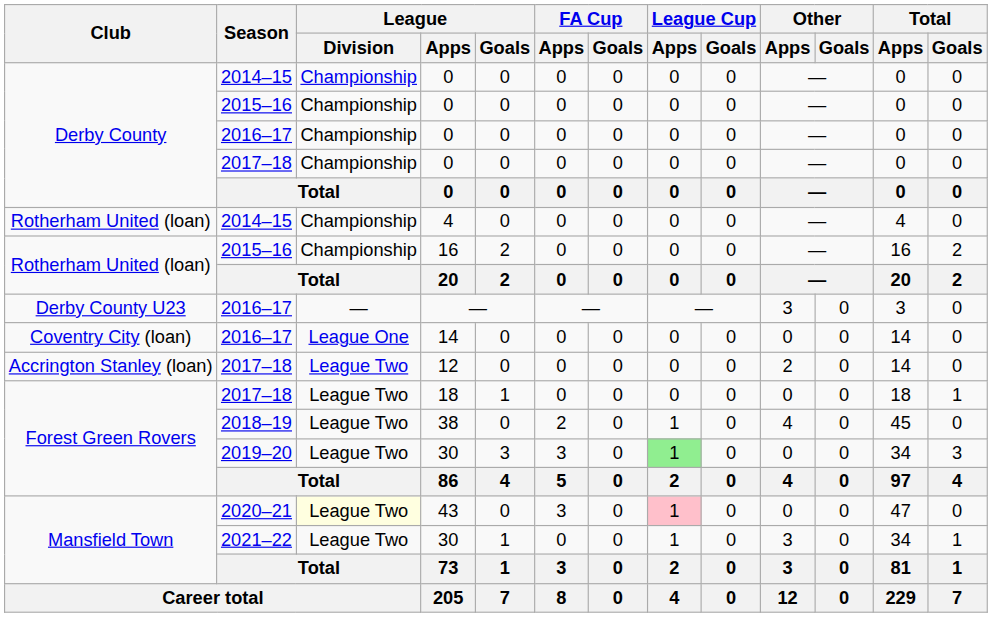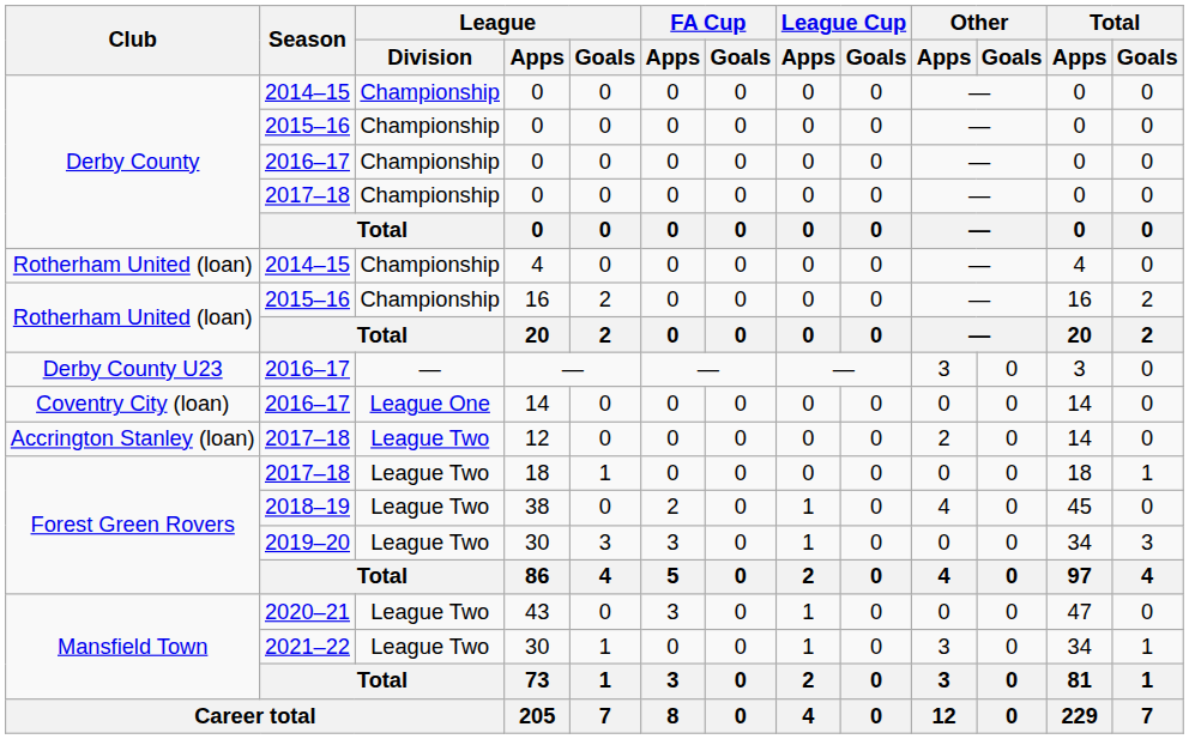 <table class="wikitable" style="text-align:center">
 <tr>
 <th rowspan="2">Club</th>
 <th rowspan="2">Season</th>
 <th colspan="3">League</th>
 <th colspan="2"><a href='#'>FA Cup</a></th>
 <th colspan="2"><a href='#'>League Cup</a></th>
 <th colspan="2">Other</th>
 <th colspan="2">Total</th>
 </tr>
 <tr>
 <th>Division</th>
 <th>Apps</th>
 <th>Goals</th>
 <th>Apps</th>
 <th>Goals</th>
 <th>Apps</th>
 <th>Goals</th>
 <th>Apps</th>
 <th>Goals</th>
 <th>Apps</th>
 <th>Goals</th>
 </tr>
 <tr>
 <td rowspan=5><a href='#'>Derby County</a></td>
 <td><a href='#'>2014–15</a></td>
 <td><a href='#'>Championship</a></td>
 <td>0</td>
 <td>0</td>
 <td>0</td>
 <td>0</td>
 <td>0</td>
 <td>0</td>
 <td colspan="2">—</td>
 <td>0</td>
 <td>0</td>
 </tr>
 <tr>
 <td><a href='#'>2015–16</a></td>
 <td>Championship</td>
 <td>0</td>
 <td>0</td>
 <td>0</td>
 <td>0</td>
 <td>0</td>
 <td>0</td>
 <td colspan="2">—</td>
 <td>0</td>
 <td>0</td>
 </tr>
 <tr>
 <td><a href='#'>2016–17</a></td>
 <td>Championship</td>
 <td>0</td>
 <td>0</td>
 <td>0</td>
 <td>0</td>
 <td>0</td>
 <td>0</td>
 <td colspan="2">—</td>
 <td>0</td>
 <td>0</td>
 </tr>
 <tr>
 <td><a href='#'>2017–18</a></td>
 <td>Championship</td>
 <td>0</td>
 <td>0</td>
 <td>0</td>
 <td>0</td>
 <td>0</td>
 <td>0</td>
 <td colspan="2">—</td>
 <td>0</td>
 <td>0</td>
 </tr>
 <tr>
 <th colspan=2>Total</th>
 <th>0</th>
 <th>0</th>
 <th>0</th>
 <th>0</th>
 <th>0</th>
 <th>0</th>
 <th colspan="2">—</th>
 <th>0</th>
 <th>0</th>
 </tr>
 <tr>
 <td><a href='#'>Rotherham United</a> (loan)</td>
 <td><a href='#'>2014–15</a></td>
 <td>Championship</td>
 <td>4</td>
 <td>0</td>
 <td>0</td>
 <td>0</td>
 <td>0</td>
 <td>0</td>
 <td colspan="2">—</td>
 <td>4</td>
 <td>0</td>
 </tr>
 <tr>
 <td rowspan=2><a href='#'>Rotherham United</a> (loan)</td>
 <td><a href='#'>2015–16</a></td>
 <td>Championship</td>
 <td>16</td>
 <td>2</td>
 <td>0</td>
 <td>0</td>
 <td>0</td>
 <td>0</td>
 <td colspan=2>—</td>
 <td>16</td>
 <td>2</td>
 </tr>
 <tr>
 <th colspan=2>Total</th>
 <th>20</th>
 <th>2</th>
 <th>0</th>
 <th>0</th>
 <th>0</th>
 <th>0</th>
 <th colspan="2">—</th>
 <th>20</th>
 <th>2</th>
 </tr>
 <tr>
 <td><a href='#'>Derby County U23</a></td>
 <td><a href='#'>2016–17</a></td>
 <td colspan=1>—</td>
 <td colspan=2>—</td>
 <td colspan=2>—</td>
 <td colspan=2>—</td>
 <td>3</td>
 <td>0</td>
 <td>3</td>
 <td>0</td>
 </tr>
 <tr>
 <td><a href='#'>Coventry City</a> (loan)</td>
 <td><a href='#'>2016–17</a></td>
 <td><a href='#'>League One</a></td>
 <td>14</td>
 <td>0</td>
 <td>0</td>
 <td>0</td>
 <td>0</td>
 <td>0</td>
 <td>0</td>
 <td>0</td>
 <td>14</td>
 <td>0</td>
 </tr>
 <tr>
 <td><a href='#'>Accrington Stanley</a> (loan)</td>
 <td><a href='#'>2017–18</a></td>
 <td><a href='#'>League Two</a></td>
 <td>12</td>
 <td>0</td>
 <td>0</td>
 <td>0</td>
 <td>0</td>
 <td>0</td>
 <td>2</td>
 <td>0</td>
 <td>14</td>
 <td>0</td>
 </tr>
 <tr>
 <td rowspan=4><a href='#'>Forest Green Rovers</a></td>
 <td><a href='#'>2017–18</a></td>
 <td>League Two</td>
 <td>18</td>
 <td>1</td>
 <td>0</td>
 <td>0</td>
 <td>0</td>
 <td>0</td>
 <td>0</td>
 <td>0</td>
 <td>18</td>
 <td>1</td>
 </tr>
 <tr>
 <td><a href='#'>2018–19</a></td>
 <td>League Two</td>
 <td>38</td>
 <td>0</td>
 <td>2</td>
 <td>0</td>
 <td>1</td>
 <td>0</td>
 <td>4</td>
 <td>0</td>
 <td>45</td>
 <td>0</td>
 </tr>
 <tr>
 <td><a href='#'>2019–20</a></td>
 <td>League Two</td>
 <td>30</td>
 <td>3</td>
 <td>3</td>
 <td>0</td>
-<td style="background: lightgreen;">1</td>
+<td>1</td>
 <td>0</td>
 <td>0</td>
 <td>0</td>
 <td>34</td>
 <td>3</td>
 </tr>
 <tr>
 <th colspan=2>Total</th>
 <th>86</th>
 <th>4</th>
 <th>5</th>
 <th>0</th>
 <th>2</th>
 <th>0</th>
 <th>4</th>
 <th>0</th>
 <th>97</th>
 <th>4</th>
 </tr>
 <tr>
 <td rowspan="3"><a href='#'>Mansfield Town</a></td>
 <td><a href='#'>2020–21</a></td>
-<td style="background: lightyellow;">League Two</td>
+<td>League Two</td>
 <td>43</td>
 <td>0</td>
 <td>3</td>
 <td>0</td>
-<td style="background: pink;">1</td>
+<td>1</td>
 <td>0</td>
 <td>0</td>
 <td>0</td>
 <td>47</td>
 <td>0</td>
 </tr>
 <tr>
 <td><a href='#'>2021–22</a></td>
 <td>League Two</td>
 <td>30</td>
 <td>1</td>
 <td>0</td>
 <td>0</td>
 <td>1</td>
 <td>0</td>
 <td>3</td>
 <td>0</td>
 <td>34</td>
 <td>1</td>
 </tr>
 <tr>
 <th colspan="2">Total</th>
 <th>73</th>
 <th>1</th>
 <th>3</th>
 <th>0</th>
 <th>2</th>
 <th>0</th>
 <th>3</th>
 <th>0</th>
 <th>81</th>
 <th>1</th>
 </tr>
 <tr>
 <th colspan="3">Career total</th>
 <th>205</th>
 <th>7</th>
 <th>8</th>
 <th>0</th>
 <th>4</th>
 <th>0</th>
 <th>12</th>
 <th>0</th>
 <th>229</th>
 <th>7</th>
 </tr>
 </table>
